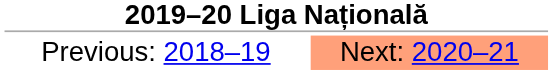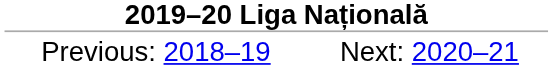 <table style="margin: 0 0 1em 1em; float:right; text-align:center; width: 20em;" class="toccolours">
 <tr>
 <td colspan="2" style="padding:0 1em;border-bottom:1px #aaa solid;"><strong>2019–20 Liga Națională</strong></td>
 </tr>
 <tr>
 <td>Previous: <a href='#'>2018–19</a></td>
-<td style="background: lightsalmon;">Next: <a href='#'>2020–21</a></td>
+<td>Next: <a href='#'>2020–21</a></td>
 </tr>
 <tr>
 </tr>
 </table>
